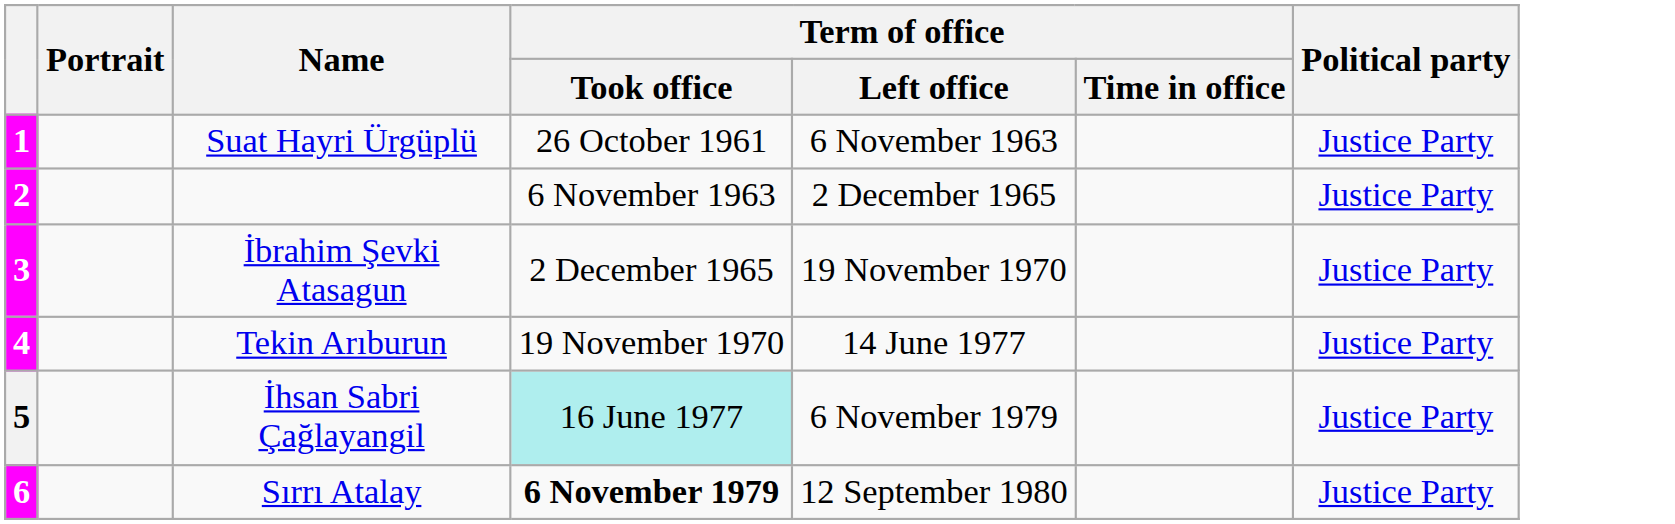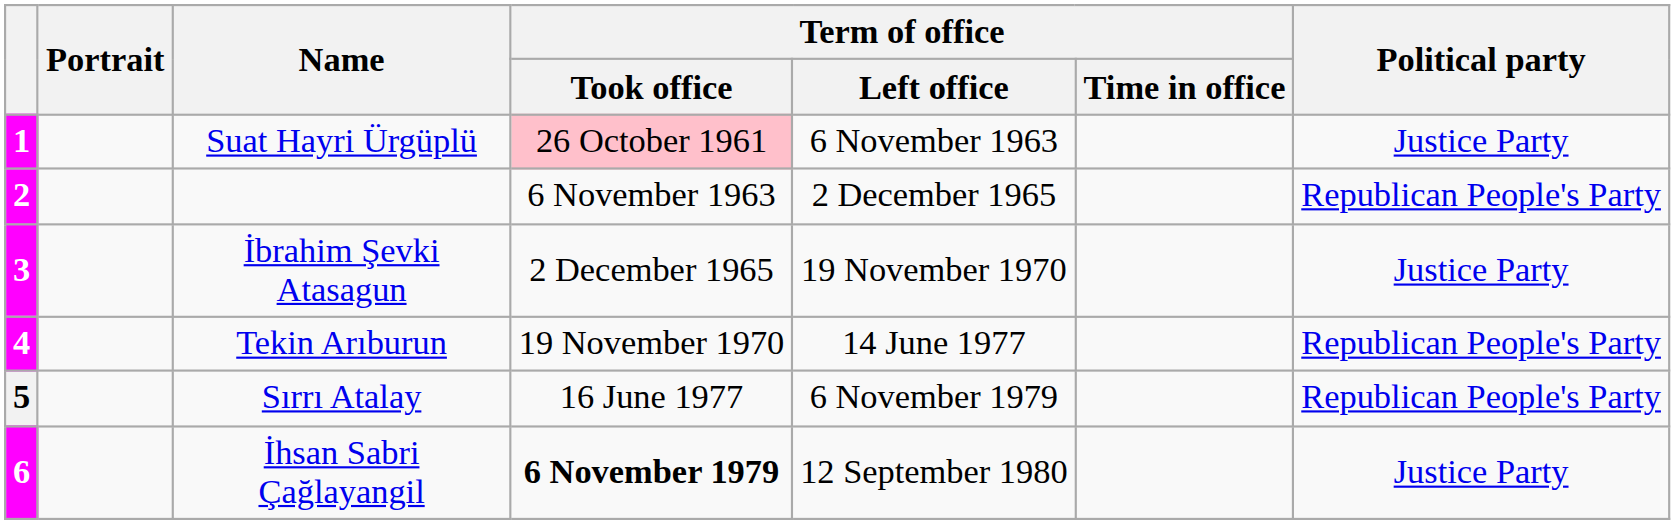 <table class="wikitable" style="text-align:center">
 <tr>
 <th rowspan=2></th>
 <th rowspan=2>Portrait</th>
 <th rowspan=2 width=150>Name<br></th>
 <th colspan=3>Term of office</th>
 <th rowspan=2>Political party</th>
 </tr>
 <tr>
 <th>Took office</th>
 <th>Left office</th>
 <th>Time in office</th>
 </tr>
 <tr>
 <th style="background:Magenta; color:white;">1</th>
 <td></td>
 <td><a href='#'>Suat Hayri Ürgüplü</a><br></td>
-<td>26 October 1961</td>
+<td style="background: pink;">26 October 1961</td>
 <td>6 November 1963</td>
 <td></td>
 <td><a href='#'>Justice Party</a></td>
 </tr>
 <tr>
 <th style="background:Magenta; color:white;">2</th>
 <td></td>
 <td><br></td>
 <td>6 November 1963</td>
 <td>2 December 1965</td>
 <td></td>
-<td><a href='#'>Justice Party</a></td>
+<td><a href='#'>Republican People's Party</a></td>
 </tr>
 <tr>
 <th style="background:Magenta; color:white;">3</th>
 <td></td>
 <td><a href='#'>İbrahim Şevki Atasagun</a><br></td>
 <td>2 December 1965</td>
 <td>19 November 1970</td>
 <td></td>
 <td><a href='#'>Justice Party</a></td>
 </tr>
 <tr>
 <th style="background:Magenta; color:white;">4</th>
 <td></td>
 <td><a href='#'>Tekin Arıburun</a><br></td>
 <td>19 November 1970</td>
 <td>14 June 1977</td>
 <td></td>
-<td><a href='#'>Justice Party</a></td>
+<td><a href='#'>Republican People's Party</a></td>
 </tr>
 <tr>
 <th style="background:">5</th>
 <td></td>
-<td><a href='#'>İhsan Sabri Çağlayangil</a><br></td>
-<td style="background: paleturquoise;">16 June 1977</td>
+<td><a href='#'>Sırrı Atalay</a><br></td>
+<td>16 June 1977</td>
 <td>6 November 1979</td>
 <td></td>
-<td><a href='#'>Justice Party</a></td>
+<td><a href='#'>Republican People's Party</a></td>
 </tr>
 <tr>
 <th style="background:Magenta; color:white;">6</th>
 <td></td>
-<td><a href='#'>Sırrı Atalay</a><br></td>
+<td><a href='#'>İhsan Sabri Çağlayangil</a><br></td>
 <td><strong>6 November 1979</strong></td>
 <td>12 September 1980</td>
 <td></td>
 <td><a href='#'>Justice Party</a></td>
 </tr>
 </table>
